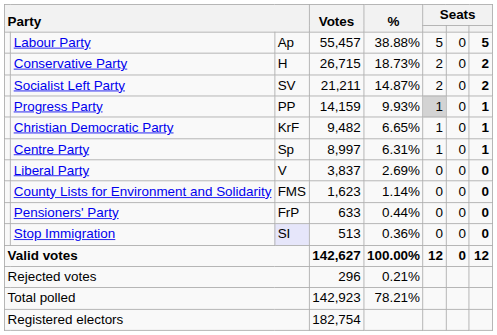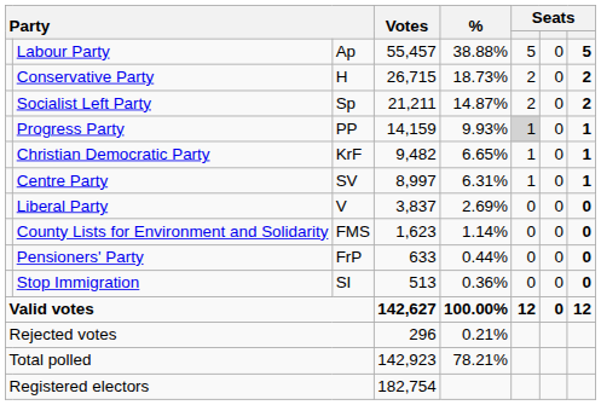 <table class="wikitable" border="1" style="text-align:right;">
 <tr>
 <th style="text-align:left;" valign=bottom rowspan=2 colspan=3>Party</th>
 <th align=center valign=bottom rowspan=2 width="50">Votes</th>
 <th align=center valign=bottom rowspan=2 width="50">%</th>
 <th colspan=3>Seats</th>
 </tr>
 <tr>
 <th align=center valign=bottom width="20"><small></small></th>
 <th align=center valign=bottom width="20"><small><a href='#'></a></small></th>
 <th align=center valign=bottom width="20"><small></small></th>
 </tr>
 <tr>
 <td style="color:inherit;background:"></td>
 <td align=left><a href='#'>Labour Party</a></td>
 <td align=left>Ap</td>
 <td>55,457</td>
 <td>38.88%</td>
 <td>5</td>
 <td>0</td>
 <td><strong>5</strong></td>
 </tr>
 <tr>
 <td style="color:inherit;background:"></td>
 <td align=left><a href='#'>Conservative Party</a></td>
 <td align=left>H</td>
 <td>26,715</td>
 <td>18.73%</td>
 <td>2</td>
 <td>0</td>
 <td><strong>2</strong></td>
 </tr>
 <tr>
 <td style="color:inherit;background:"></td>
 <td align=left><a href='#'>Socialist Left Party</a></td>
-<td align=left>SV</td>
+<td align=left>Sp</td>
 <td>21,211</td>
 <td>14.87%</td>
 <td>2</td>
 <td>0</td>
 <td><strong>2</strong></td>
 </tr>
 <tr>
 <td style="color:inherit;background:"></td>
 <td align=left><a href='#'>Progress Party</a></td>
 <td align=left>PP</td>
 <td>14,159</td>
 <td>9.93%</td>
 <td style="background: lightgrey;">1</td>
 <td>0</td>
 <td><strong>1</strong></td>
 </tr>
 <tr>
 <td style="color:inherit;background:"></td>
 <td align=left><a href='#'>Christian Democratic Party</a></td>
 <td align=left>KrF</td>
 <td>9,482</td>
 <td>6.65%</td>
 <td>1</td>
 <td>0</td>
 <td><strong>1</strong></td>
 </tr>
 <tr>
 <td style="color:inherit;background:"></td>
 <td align=left><a href='#'>Centre Party</a></td>
-<td align=left>Sp</td>
+<td align=left>SV</td>
 <td>8,997</td>
 <td>6.31%</td>
 <td>1</td>
 <td>0</td>
 <td><strong>1</strong></td>
 </tr>
 <tr>
 <td style="color:inherit;background:"></td>
 <td align=left><a href='#'>Liberal Party</a></td>
 <td align=left>V</td>
 <td>3,837</td>
 <td>2.69%</td>
 <td>0</td>
 <td>0</td>
 <td><strong>0</strong></td>
 </tr>
 <tr>
 <td></td>
 <td align=left><a href='#'>County Lists for Environment and Solidarity</a></td>
 <td align=left>FMS</td>
 <td>1,623</td>
 <td>1.14%</td>
 <td>0</td>
 <td>0</td>
 <td><strong>0</strong></td>
 </tr>
 <tr>
 <td style="color:inherit;background:"></td>
 <td align=left><a href='#'>Pensioners' Party</a></td>
 <td align=left>FrP</td>
 <td>633</td>
 <td>0.44%</td>
 <td>0</td>
 <td>0</td>
 <td><strong>0</strong></td>
 </tr>
 <tr>
 <td style="color:inherit;background:"></td>
 <td align=left><a href='#'>Stop Immigration</a></td>
-<td align=left style="background: lavender;">SI</td>
+<td align=left>SI</td>
 <td>513</td>
 <td>0.36%</td>
 <td>0</td>
 <td>0</td>
 <td><strong>0</strong></td>
 </tr>
 <tr style="font-weight:bold">
 <td align=left colspan=3>Valid votes</td>
 <td>142,627</td>
 <td>100.00%</td>
 <td>12</td>
 <td>0</td>
 <td>12</td>
 </tr>
 <tr>
 <td align=left colspan=3>Rejected votes</td>
 <td>296</td>
 <td>0.21%</td>
 <td></td>
 <td></td>
 <td></td>
 </tr>
 <tr>
 <td align=left colspan=3>Total polled</td>
 <td>142,923</td>
 <td>78.21%</td>
 <td></td>
 <td></td>
 <td></td>
 </tr>
 <tr>
 <td align=left colspan=3>Registered electors</td>
 <td>182,754</td>
 <td></td>
 <td></td>
 <td></td>
 <td></td>
 </tr>
 </table>
